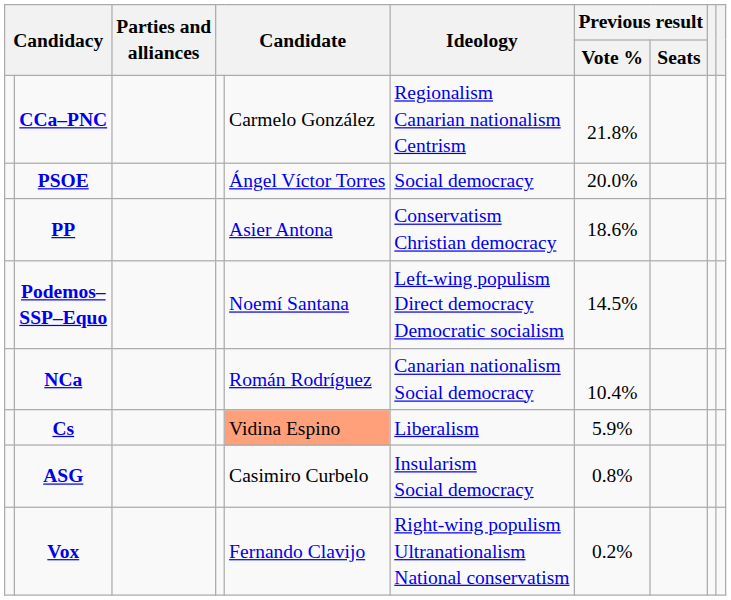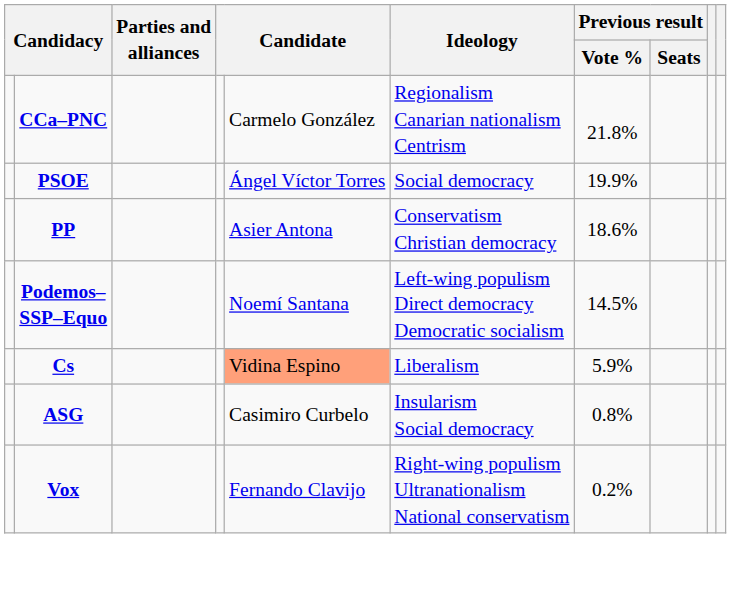 <table class="wikitable" style="line-height:1.35em; text-align:left;">
 <tr>
 <th colspan="2" rowspan="2">Candidacy</th>
 <th rowspan="2">Parties and<br>alliances</th>
 <th colspan="2" rowspan="2">Candidate</th>
 <th rowspan="2">Ideology</th>
 <th colspan="2">Previous result</th>
 <th rowspan="2"></th>
 <th rowspan="2"></th>
 </tr>
 <tr>
 <th>Vote %</th>
 <th>Seats</th>
 </tr>
 <tr>
 <td width="1" style="color:inherit;background:"></td>
 <td align="center"><strong><a href='#'>CCa–PNC</a></strong></td>
 <td></td>
 <td></td>
 <td>Carmelo González</td>
 <td><a href='#'>Regionalism</a><br><a href='#'>Canarian nationalism</a><br><a href='#'>Centrism</a></td>
 <td align="center"><br>21.8%<br></td>
 <td></td>
 <td></td>
 <td><br></td>
 </tr>
 <tr>
 <td style="color:inherit;background:"></td>
 <td align="center"><strong><a href='#'>PSOE</a></strong></td>
 <td></td>
 <td></td>
 <td><a href='#'>Ángel Víctor Torres</a></td>
 <td><a href='#'>Social democracy</a></td>
-<td align="center">20.0%</td>
+<td align="center">19.9%</td>
 <td></td>
 <td></td>
 <td><br></td>
 </tr>
 <tr>
 <td style="color:inherit;background:"></td>
 <td align="center"><strong><a href='#'>PP</a></strong></td>
 <td></td>
 <td></td>
 <td><a href='#'>Asier Antona</a></td>
 <td><a href='#'>Conservatism</a><br><a href='#'>Christian democracy</a></td>
 <td align="center">18.6%</td>
 <td></td>
 <td></td>
 <td><br></td>
 </tr>
 <tr>
 <td style="color:inherit;background:"></td>
 <td align="center"><strong><a href='#'>Podemos–<br>SSP–Equo</a></strong></td>
 <td></td>
 <td></td>
 <td><a href='#'>Noemí Santana</a></td>
 <td><a href='#'>Left-wing populism</a><br><a href='#'>Direct democracy</a><br><a href='#'>Democratic socialism</a></td>
 <td align="center">14.5%</td>
 <td></td>
 <td></td>
 <td><br></td>
-</tr>
-<tr>
-<td style="color:inherit;background:"></td>
-<td align="center"><strong><a href='#'>NCa</a></strong></td>
-<td></td>
-<td></td>
-<td><a href='#'>Román Rodríguez</a></td>
-<td><a href='#'>Canarian nationalism</a><br><a href='#'>Social democracy</a></td>
-<td align="center"><br>10.4%<br></td>
-<td></td>
-<td></td>
-<td></td>
 </tr>
 <tr>
 <td style="color:inherit;background:"></td>
 <td align="center"><strong><a href='#'>Cs</a></strong></td>
 <td></td>
 <td></td>
 <td style="background: lightsalmon;">Vidina Espino</td>
 <td><a href='#'>Liberalism</a></td>
 <td align="center">5.9%</td>
 <td></td>
 <td></td>
 <td></td>
 </tr>
 <tr>
 <td style="color:inherit;background:"></td>
 <td align="center"><strong><a href='#'>ASG</a></strong></td>
 <td></td>
 <td></td>
 <td>Casimiro Curbelo</td>
 <td><a href='#'>Insularism</a><br><a href='#'>Social democracy</a></td>
 <td align="center">0.8%</td>
 <td></td>
 <td></td>
 <td></td>
 </tr>
 <tr>
 <td style="color:inherit;background:"></td>
 <td align="center"><strong><a href='#'>Vox</a></strong></td>
 <td></td>
 <td></td>
 <td><a href='#'>Fernando Clavijo</a></td>
 <td><a href='#'>Right-wing populism</a><br><a href='#'>Ultranationalism</a><br><a href='#'>National conservatism</a></td>
 <td align="center">0.2%</td>
 <td></td>
 <td></td>
 <td></td>
 </tr>
 </table>
